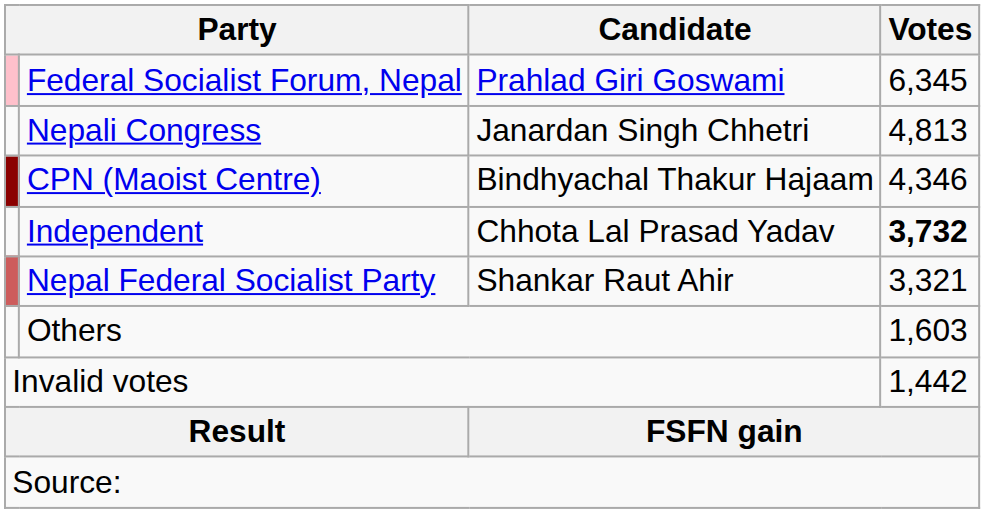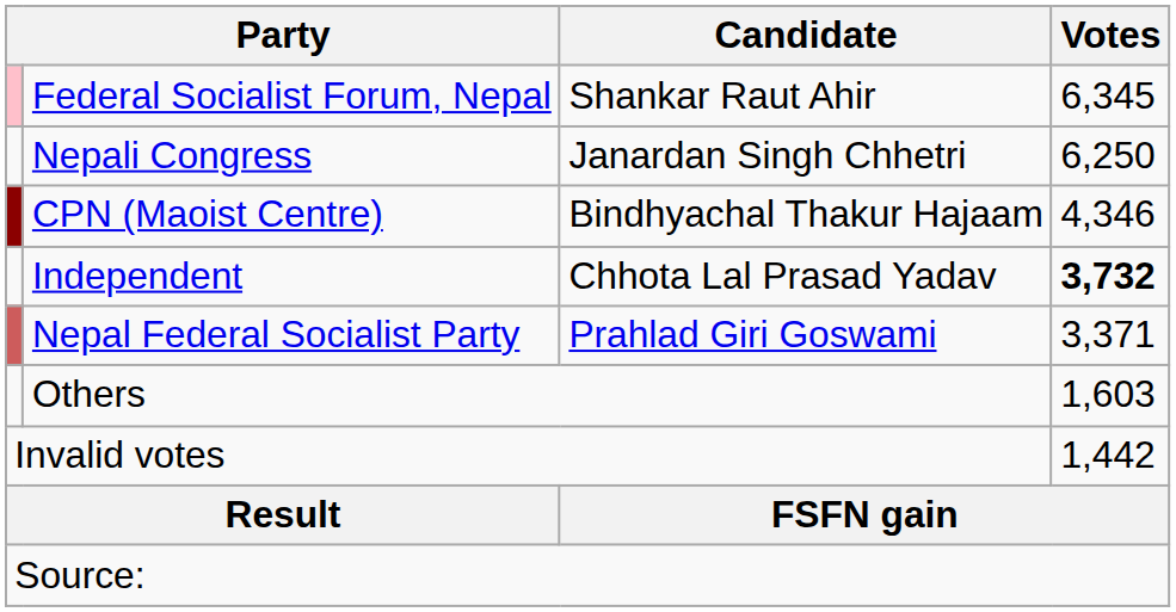 <table class="wikitable">
 <tr>
 <th colspan="2">Party</th>
 <th>Candidate</th>
 <th>Votes</th>
 </tr>
 <tr>
 <td style="background-color:pink"></td>
 <td><a href='#'>Federal Socialist Forum, Nepal</a></td>
-<td><a href='#'>Prahlad Giri Goswami</a></td>
+<td>Shankar Raut Ahir</td>
 <td>6,345</td>
 </tr>
 <tr>
 <td style="background-color:"></td>
 <td><a href='#'>Nepali Congress</a></td>
 <td>Janardan Singh Chhetri</td>
-<td>4,813</td>
+<td>6,250</td>
 </tr>
 <tr>
 <td style="background-color:darkred"></td>
 <td><a href='#'>CPN (Maoist Centre)</a></td>
 <td>Bindhyachal Thakur Hajaam</td>
 <td>4,346</td>
 </tr>
 <tr>
 <td style="background-color:"></td>
 <td><a href='#'>Independent</a></td>
 <td>Chhota Lal Prasad Yadav</td>
 <td><strong>3,732</strong></td>
 </tr>
 <tr>
 <td style="background-color:#CD5C5C"></td>
 <td><a href='#'>Nepal Federal Socialist Party</a></td>
-<td>Shankar Raut Ahir</td>
-<td>3,321</td>
+<td><a href='#'>Prahlad Giri Goswami</a></td>
+<td>3,371</td>
 </tr>
 <tr>
 <td></td>
 <td colspan="2">Others</td>
 <td>1,603</td>
 </tr>
 <tr>
 <td colspan="3">Invalid votes</td>
 <td>1,442</td>
 </tr>
 <tr>
 <th colspan="2">Result</th>
 <th colspan="2">FSFN gain</th>
 </tr>
 <tr>
 <td colspan="4">Source: </td>
 </tr>
 </table>
